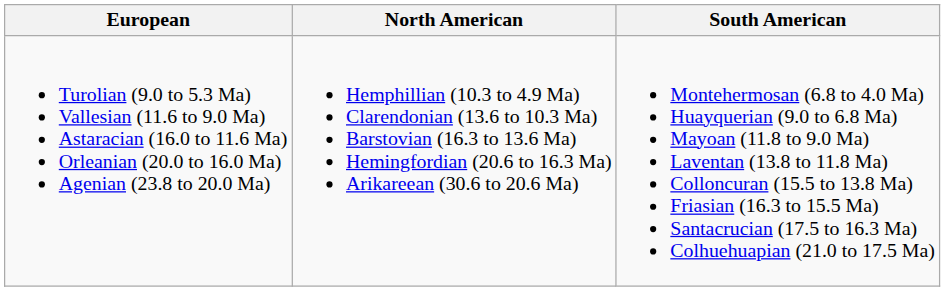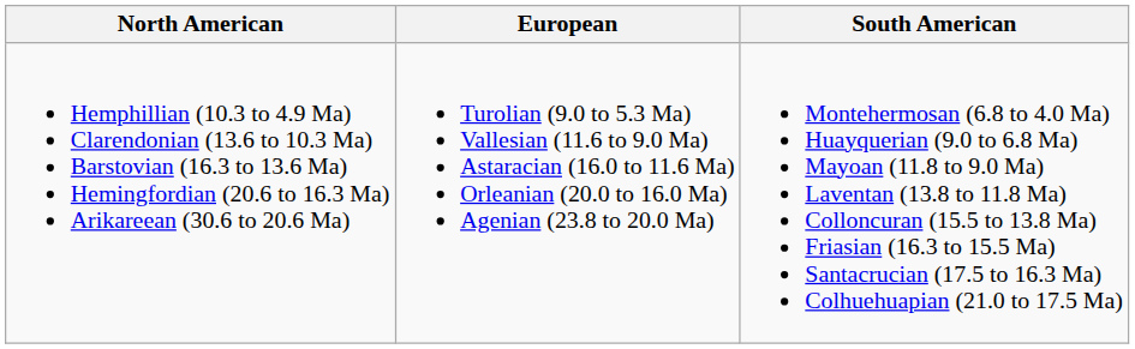 <table class=wikitable>
 <tr>
+<th>North American</th>
 <th>European</th>
-<th>North American</th>
 <th>South American</th>
 </tr>
 <tr>
+<td valign=top><br><ul><li><a href='#'>Hemphillian</a> (10.3 to 4.9 Ma)</li><li><a href='#'>Clarendonian</a> (13.6 to 10.3 Ma)</li><li><a href='#'>Barstovian</a> (16.3 to 13.6 Ma)</li><li><a href='#'>Hemingfordian</a> (20.6 to 16.3 Ma)</li><li><a href='#'>Arikareean</a> (30.6 to 20.6 Ma)</li></ul></td>
 <td valign=top><br><ul><li><a href='#'>Turolian</a> (9.0 to 5.3 Ma)</li><li><a href='#'>Vallesian</a> (11.6 to 9.0 Ma)</li><li><a href='#'>Astaracian</a> (16.0 to 11.6 Ma)</li><li><a href='#'>Orleanian</a> (20.0 to 16.0 Ma)</li><li><a href='#'>Agenian</a> (23.8 to 20.0 Ma)</li></ul></td>
-<td valign=top><br><ul><li><a href='#'>Hemphillian</a> (10.3 to 4.9 Ma)</li><li><a href='#'>Clarendonian</a> (13.6 to 10.3 Ma)</li><li><a href='#'>Barstovian</a> (16.3 to 13.6 Ma)</li><li><a href='#'>Hemingfordian</a> (20.6 to 16.3 Ma)</li><li><a href='#'>Arikareean</a> (30.6 to 20.6 Ma)</li></ul></td>
 <td><br><ul><li><a href='#'>Montehermosan</a> (6.8 to 4.0 Ma)</li><li><a href='#'>Huayquerian</a> (9.0 to 6.8 Ma)</li><li><a href='#'>Mayoan</a> (11.8 to 9.0 Ma)</li><li><a href='#'>Laventan</a> (13.8 to 11.8 Ma)</li><li><a href='#'>Colloncuran</a> (15.5 to 13.8 Ma)</li><li><a href='#'>Friasian</a> (16.3 to 15.5 Ma)</li><li><a href='#'>Santacrucian</a> (17.5 to 16.3 Ma)</li><li><a href='#'>Colhuehuapian</a> (21.0 to 17.5 Ma)</li></ul></td>
 </tr>
 </table>
